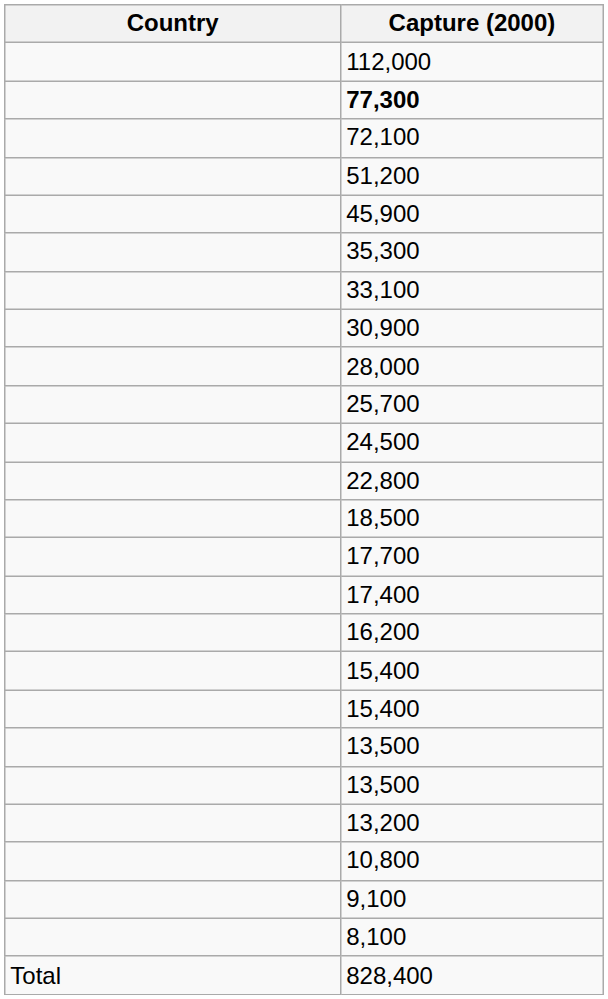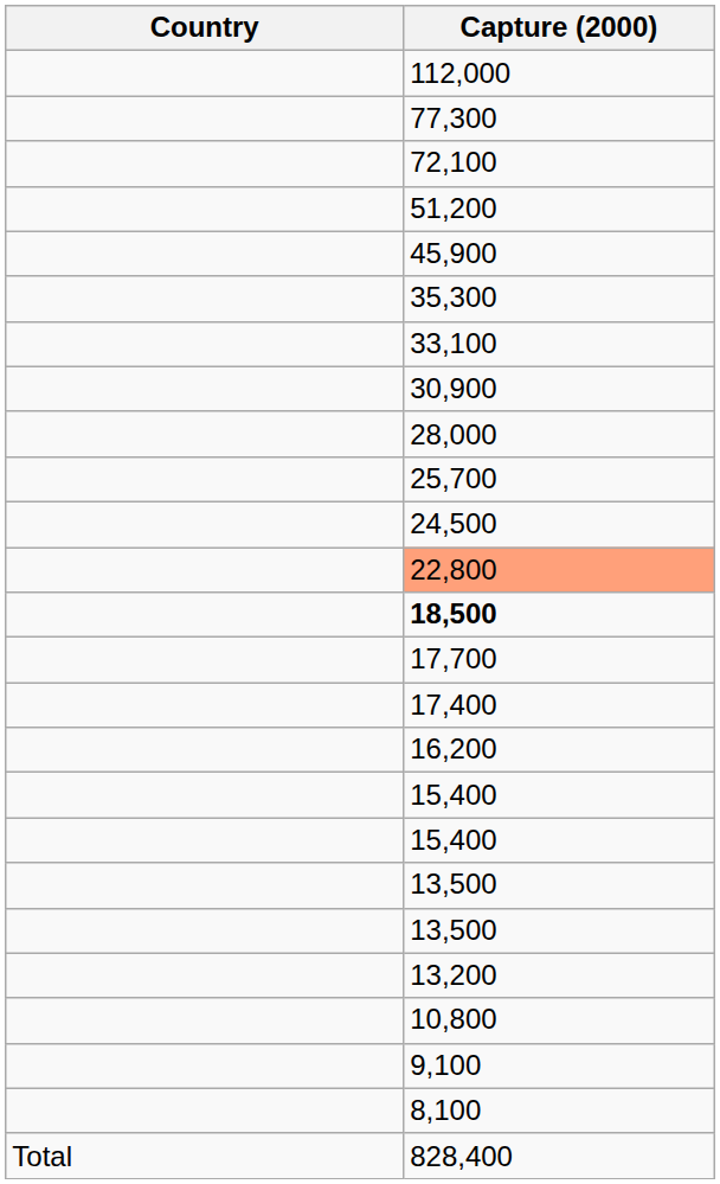 <table class="sortable wikitable"  width="400">
 <tr>
 <th width="130">Country</th>
 <th width="100">Capture (2000)</th>
 </tr>
 <tr>
 <td></td>
 <td>112,000</td>
 </tr>
 <tr>
 <td></td>
-<td><strong>77,300</strong></td>
+<td>77,300</td>
 </tr>
 <tr>
 <td></td>
 <td>72,100</td>
 </tr>
 <tr>
 <td></td>
 <td>51,200</td>
 </tr>
 <tr>
 <td></td>
 <td>45,900</td>
 </tr>
 <tr>
 <td></td>
 <td>35,300</td>
 </tr>
 <tr>
 <td></td>
 <td>33,100</td>
 </tr>
 <tr>
 <td></td>
 <td>30,900</td>
 </tr>
 <tr>
 <td></td>
 <td>28,000</td>
 </tr>
 <tr>
 <td></td>
 <td>25,700</td>
 </tr>
 <tr>
 <td></td>
 <td>24,500</td>
 </tr>
 <tr>
 <td></td>
-<td>22,800</td>
+<td style="background: lightsalmon;">22,800</td>
 </tr>
 <tr>
 <td></td>
-<td>18,500</td>
+<td><strong>18,500</strong></td>
 </tr>
 <tr>
 <td></td>
 <td>17,700</td>
 </tr>
 <tr>
 <td></td>
 <td>17,400</td>
 </tr>
 <tr>
 <td></td>
 <td>16,200</td>
 </tr>
 <tr>
 <td></td>
 <td>15,400</td>
 </tr>
 <tr>
 <td></td>
 <td>15,400</td>
 </tr>
 <tr>
 <td></td>
 <td>13,500</td>
 </tr>
 <tr>
 <td></td>
 <td>13,500</td>
 </tr>
 <tr>
 <td></td>
 <td>13,200</td>
 </tr>
 <tr>
 <td></td>
 <td>10,800</td>
 </tr>
 <tr>
 <td></td>
 <td>9,100</td>
 </tr>
 <tr>
 <td></td>
 <td>8,100</td>
 </tr>
 <tr>
 <td>Total</td>
 <td>828,400</td>
 </tr>
 </table>
